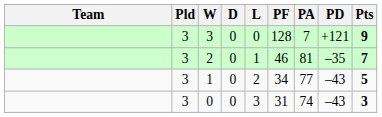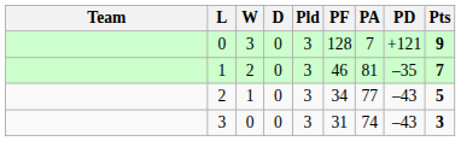 <table class="wikitable" style="text-align:center;">
 <tr>
 <th width="190">Team</th>
-<th width="20" abbr="Played">Pld</th>
+<th width="20" abbr="Lost">L</th>
 <th width="20" abbr="Won">W</th>
 <th width="20" abbr="Drawn">D</th>
-<th width="20" abbr="Lost">L</th>
+<th width="20" abbr="Played">Pld</th>
 <th width="20" abbr="Points for">PF</th>
 <th width="20" abbr="Points against">PA</th>
 <th width="25" abbr="Points difference">PD</th>
 <th width="20" abbr="Points">Pts</th>
 </tr>
 <tr style="background:#ccffcc">
 <td align="left"></td>
-<td>3</td>
+<td>0</td>
 <td>3</td>
 <td>0</td>
-<td>0</td>
+<td>3</td>
 <td>128</td>
 <td>7</td>
 <td>+121</td>
 <td><strong>9</strong></td>
 </tr>
 <tr style="background:#ccffcc">
 <td align="left"></td>
-<td>3</td>
+<td>1</td>
 <td>2</td>
 <td>0</td>
-<td>1</td>
+<td>3</td>
 <td>46</td>
 <td>81</td>
 <td>–35</td>
 <td><strong>7</strong></td>
 </tr>
 <tr>
 <td align="left"></td>
-<td>3</td>
+<td>2</td>
 <td>1</td>
 <td>0</td>
-<td>2</td>
+<td>3</td>
 <td>34</td>
 <td>77</td>
 <td>–43</td>
 <td><strong>5</strong></td>
 </tr>
 <tr style="background:">
 <td align="left"></td>
 <td>3</td>
 <td>0</td>
 <td>0</td>
 <td>3</td>
 <td>31</td>
 <td>74</td>
 <td>–43</td>
 <td><strong>3</strong></td>
 </tr>
 </table>
